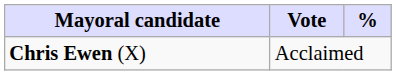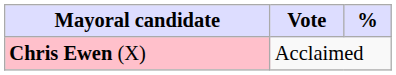 <table class="wikitable">
 <tr>
 <th style="background:#ddf;" width="200px">Mayoral candidate</th>
 <th style="background:#ddf;" width="50px">Vote</th>
 <th style="background:#ddf;" width="30px">%</th>
 </tr>
 <tr>
-<td><strong>Chris Ewen</strong> (X)</td>
+<td style="background: pink;"><strong>Chris Ewen</strong> (X)</td>
 <td colspan="2">Acclaimed</td>
 </tr>
 </table>
